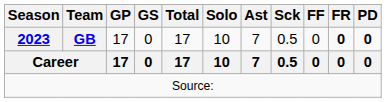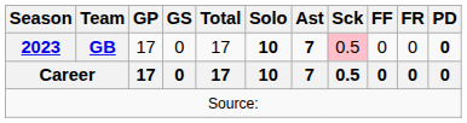 <table class="wikitable" style="text-align:center;">
 <tr>
 <th>Season</th>
 <th>Team</th>
 <th>GP</th>
 <th>GS</th>
 <th>Total</th>
 <th>Solo</th>
 <th>Ast</th>
 <th>Sck</th>
 <th>FF</th>
 <th>FR</th>
 <th>PD</th>
 </tr>
 <tr>
 <th><a href='#'>2023</a></th>
 <th><a href='#'>GB</a></th>
 <td>17</td>
 <td>0</td>
 <td>17</td>
-<td>10</td>
-<td>7</td>
-<td>0.5</td>
+<td><strong>10</strong></td>
+<td><strong>7</strong></td>
+<td style="background: pink;">0.5</td>
 <td>0</td>
-<td><strong>0</strong></td>
+<td>0</td>
 <td><strong>0</strong></td>
 </tr>
 <tr>
 <th colspan="2">Career</th>
 <th>17</th>
 <th>0</th>
 <th>17</th>
 <th>10</th>
 <th>7</th>
 <th>0.5</th>
 <th>0</th>
 <th>0</th>
 <th>0</th>
 </tr>
 <tr>
 <td colspan="11"><small>Source: </small></td>
 </tr>
 </table>
